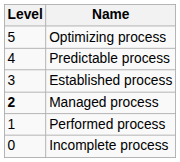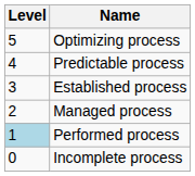 <table class="wikitable">
 <tr>
 <th>Level</th>
 <th>Name</th>
 </tr>
 <tr>
 <td>5</td>
 <td>Optimizing process</td>
 </tr>
 <tr>
 <td>4</td>
 <td>Predictable process</td>
 </tr>
 <tr>
 <td>3</td>
 <td>Established process</td>
 </tr>
 <tr>
-<td><strong>2</strong></td>
+<td>2</td>
 <td>Managed process</td>
 </tr>
 <tr>
-<td>1</td>
+<td style="background: lightblue;">1</td>
 <td>Performed process</td>
 </tr>
 <tr>
 <td>0</td>
 <td>Incomplete process</td>
 </tr>
 </table>
